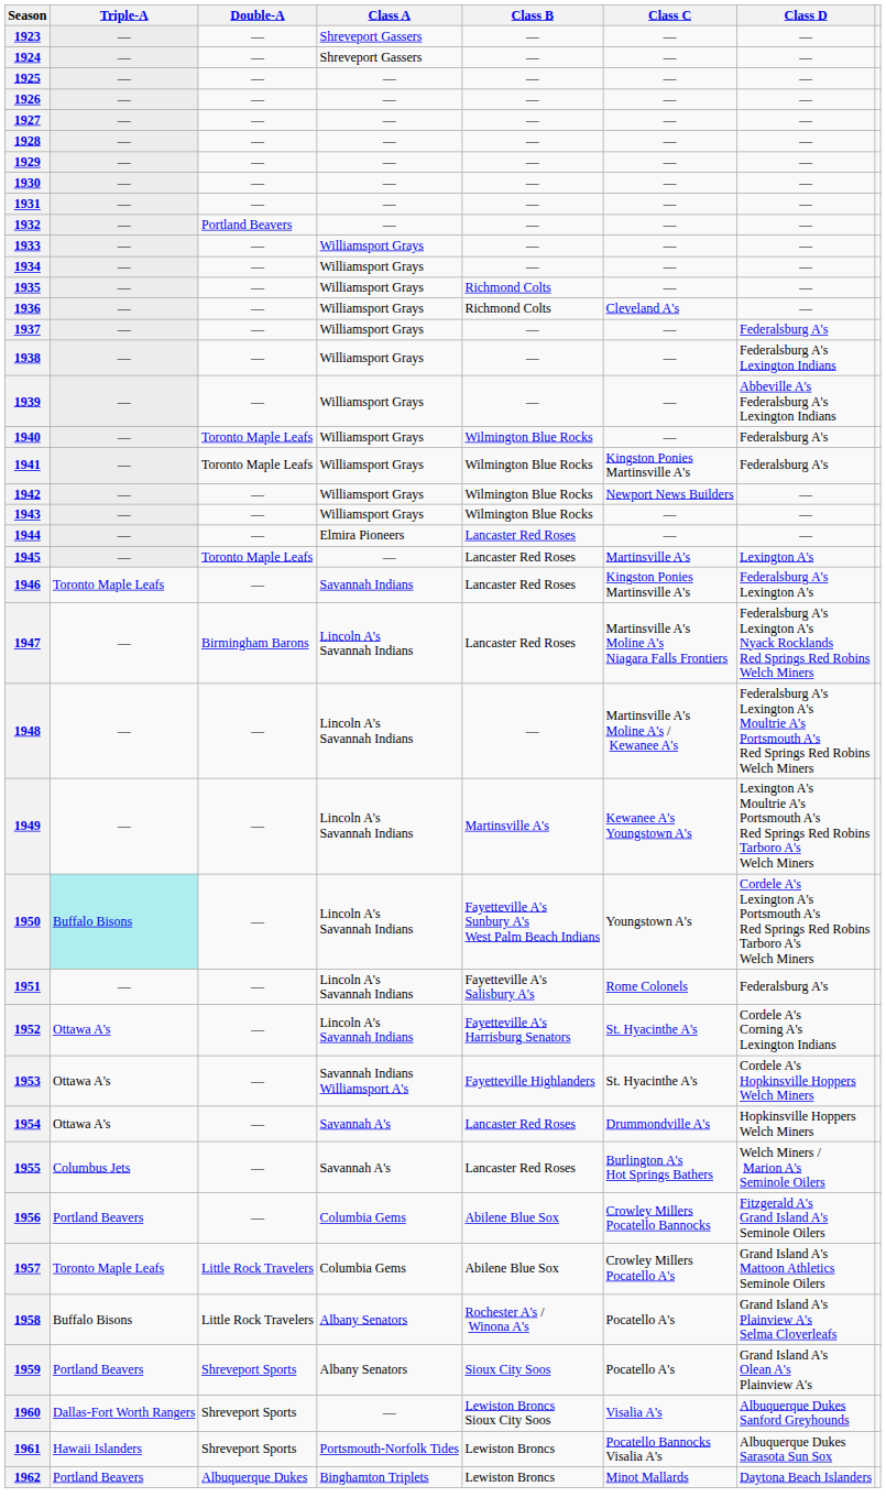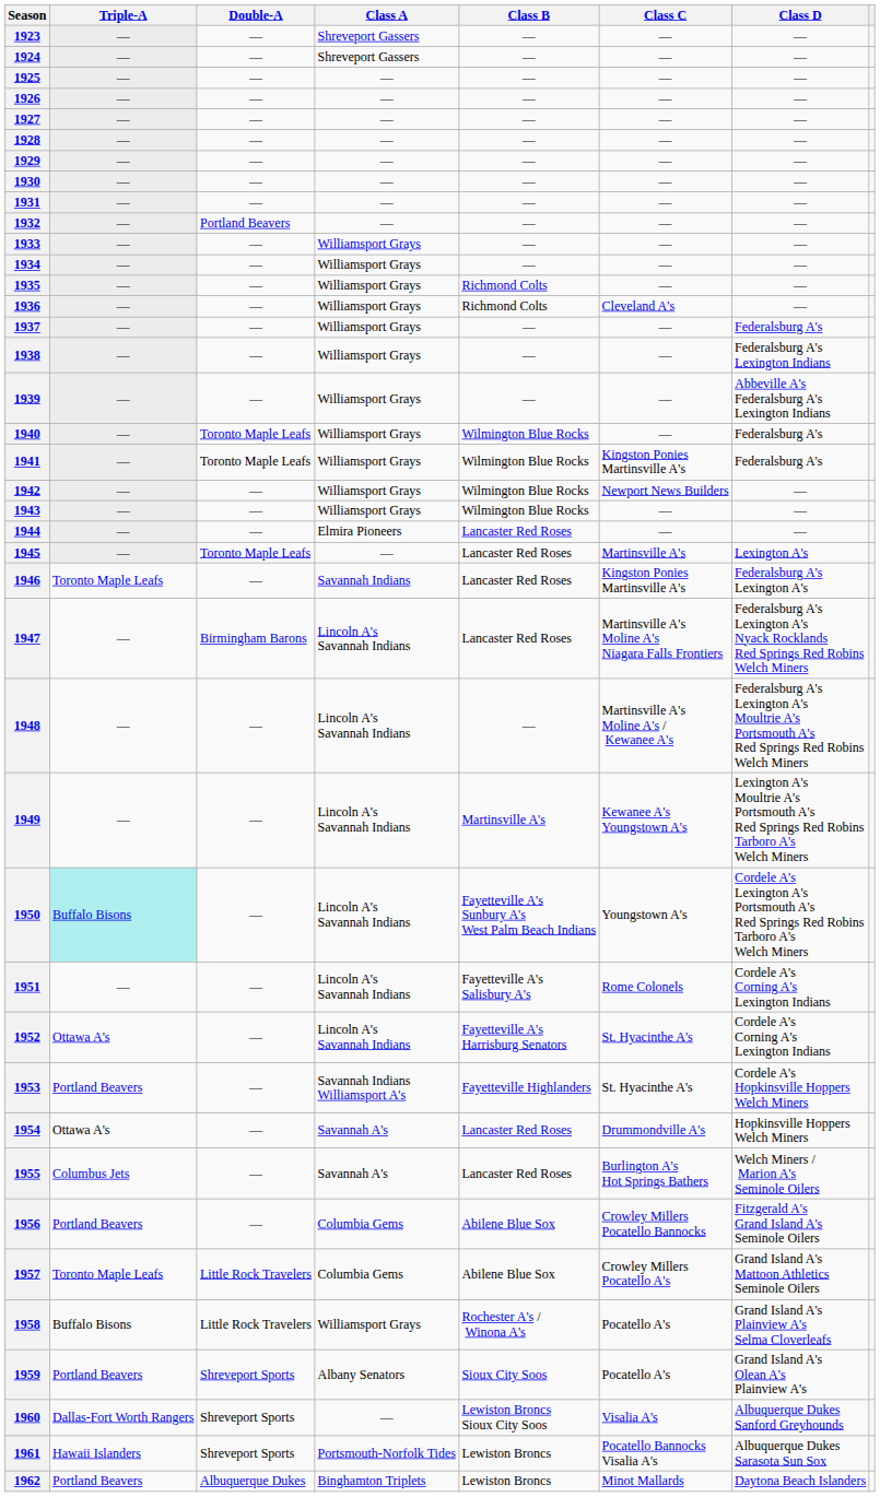 <table class="wikitable plainrowheaders">
 <tr>
 <th scope="col">Season</th>
 <th scope="col"><a href='#'><span>Triple-A</span></a></th>
 <th scope="col"><a href='#'><span>Double-A</span></a></th>
 <th scope="col"><a href='#'><span>Class A</span></a></th>
 <th scope="col"><a href='#'><span>Class B</span></a></th>
 <th scope="col"><a href='#'><span>Class C</span></a></th>
 <th scope="col"><a href='#'><span>Class D</span></a></th>
 <th scope="col"></th>
 </tr>
 <tr>
 <th scope="row" style="text-align:center"><a href='#'>1923</a></th>
 <td style="background:#ececec" align="center">—</td>
 <td align="center">—</td>
 <td><a href='#'>Shreveport Gassers</a></td>
 <td align="center">—</td>
 <td align="center">—</td>
 <td align="center">—</td>
 <td align="center"></td>
 </tr>
 <tr>
 <th scope="row" style="text-align:center"><a href='#'>1924</a></th>
 <td style="background:#ececec" align="center">—</td>
 <td align="center">—</td>
 <td>Shreveport Gassers</td>
 <td align="center">—</td>
 <td align="center">—</td>
 <td align="center">—</td>
 <td align="center"></td>
 </tr>
 <tr>
 <th scope="row" style="text-align:center"><a href='#'>1925</a></th>
 <td style="background:#ececec" align="center">—</td>
 <td align="center">—</td>
 <td align="center">—</td>
 <td align="center">—</td>
 <td align="center">—</td>
 <td align="center">—</td>
 <td align="center"></td>
 </tr>
 <tr>
 <th scope="row" style="text-align:center"><a href='#'>1926</a></th>
 <td style="background:#ececec" align="center">—</td>
 <td align="center">—</td>
 <td align="center">—</td>
 <td align="center">—</td>
 <td align="center">—</td>
 <td align="center">—</td>
 <td align="center"></td>
 </tr>
 <tr>
 <th scope="row" style="text-align:center"><a href='#'>1927</a></th>
 <td style="background:#ececec" align="center">—</td>
 <td align="center">—</td>
 <td align="center">—</td>
 <td align="center">—</td>
 <td align="center">—</td>
 <td align="center">—</td>
 <td align="center"></td>
 </tr>
 <tr>
 <th scope="row" style="text-align:center"><a href='#'>1928</a></th>
 <td style="background:#ececec" align="center">—</td>
 <td align="center">—</td>
 <td align="center">—</td>
 <td align="center">—</td>
 <td align="center">—</td>
 <td align="center">—</td>
 <td align="center"></td>
 </tr>
 <tr>
 <th scope="row" style="text-align:center"><a href='#'>1929</a></th>
 <td style="background:#ececec" align="center">—</td>
 <td align="center">—</td>
 <td align="center">—</td>
 <td align="center">—</td>
 <td align="center">—</td>
 <td align="center">—</td>
 <td align="center"></td>
 </tr>
 <tr>
 <th scope="row" style="text-align:center"><a href='#'>1930</a></th>
 <td style="background:#ececec" align="center">—</td>
 <td align="center">—</td>
 <td align="center">—</td>
 <td align="center">—</td>
 <td align="center">—</td>
 <td align="center">—</td>
 <td align="center"></td>
 </tr>
 <tr>
 <th scope="row" style="text-align:center"><a href='#'>1931</a></th>
 <td style="background:#ececec" align="center">—</td>
 <td align="center">—</td>
 <td align="center">—</td>
 <td align="center">—</td>
 <td align="center">—</td>
 <td align="center">—</td>
 <td align="center"></td>
 </tr>
 <tr>
 <th scope="row" style="text-align:center"><a href='#'>1932</a></th>
 <td style="background:#ececec" align="center">—</td>
 <td><a href='#'>Portland Beavers</a></td>
 <td align="center">—</td>
 <td align="center">—</td>
 <td align="center">—</td>
 <td align="center">—</td>
 <td align="center"></td>
 </tr>
 <tr>
 <th scope="row" style="text-align:center"><a href='#'>1933</a></th>
 <td style="background:#ececec" align="center">—</td>
 <td align="center">—</td>
 <td><a href='#'>Williamsport Grays</a></td>
 <td align="center">—</td>
 <td align="center">—</td>
 <td align="center">—</td>
 <td align="center"></td>
 </tr>
 <tr>
 <th scope="row" style="text-align:center"><a href='#'>1934</a></th>
 <td style="background:#ececec" align="center">—</td>
 <td align="center">—</td>
 <td>Williamsport Grays</td>
 <td align="center">—</td>
 <td align="center">—</td>
 <td align="center">—</td>
 <td align="center"></td>
 </tr>
 <tr>
 <th scope="row" style="text-align:center"><a href='#'>1935</a></th>
 <td style="background:#ececec" align="center">—</td>
 <td align="center">—</td>
 <td>Williamsport Grays</td>
 <td><a href='#'>Richmond Colts</a></td>
 <td align="center">—</td>
 <td align="center">—</td>
 <td align="center"></td>
 </tr>
 <tr>
 <th scope="row" style="text-align:center"><a href='#'>1936</a></th>
 <td style="background:#ececec" align="center">—</td>
 <td align="center">—</td>
 <td>Williamsport Grays</td>
 <td>Richmond Colts</td>
 <td><a href='#'>Cleveland A's</a></td>
 <td align="center">—</td>
 <td align="center"></td>
 </tr>
 <tr>
 <th scope="row" style="text-align:center"><a href='#'>1937</a></th>
 <td style="background:#ececec" align="center">—</td>
 <td align="center">—</td>
 <td>Williamsport Grays</td>
 <td align="center">—</td>
 <td align="center">—</td>
 <td><a href='#'>Federalsburg A's</a></td>
 <td align="center"></td>
 </tr>
 <tr>
 <th scope="row" style="text-align:center"><a href='#'>1938</a></th>
 <td style="background:#ececec" align="center">—</td>
 <td align="center">—</td>
 <td>Williamsport Grays</td>
 <td align="center">—</td>
 <td align="center">—</td>
 <td>Federalsburg A's<br><a href='#'>Lexington Indians</a></td>
 <td align="center"></td>
 </tr>
 <tr>
 <th scope="row" style="text-align:center"><a href='#'>1939</a></th>
 <td style="background:#ececec" align="center">—</td>
 <td align="center">—</td>
 <td>Williamsport Grays</td>
 <td align="center">—</td>
 <td align="center">—</td>
 <td><a href='#'>Abbeville A's</a><br>Federalsburg A's<br>Lexington Indians</td>
 <td align="center"></td>
 </tr>
 <tr>
 <th scope="row" style="text-align:center"><a href='#'>1940</a></th>
 <td style="background:#ececec" align="center">—</td>
 <td><a href='#'>Toronto Maple Leafs</a></td>
 <td>Williamsport Grays</td>
 <td><a href='#'>Wilmington Blue Rocks</a></td>
 <td align="center">—</td>
 <td>Federalsburg A's</td>
 <td align="center"></td>
 </tr>
 <tr>
 <th scope="row" style="text-align:center"><a href='#'>1941</a></th>
 <td style="background:#ececec" align="center">—</td>
 <td>Toronto Maple Leafs</td>
 <td>Williamsport Grays</td>
 <td>Wilmington Blue Rocks</td>
 <td><a href='#'>Kingston Ponies</a><br>Martinsville A's</td>
 <td>Federalsburg A's</td>
 <td align="center"></td>
 </tr>
 <tr>
 <th scope="row" style="text-align:center"><a href='#'>1942</a></th>
 <td style="background:#ececec" align="center">—</td>
 <td align="center">—</td>
 <td>Williamsport Grays</td>
 <td>Wilmington Blue Rocks</td>
 <td><a href='#'>Newport News Builders</a></td>
 <td align="center">—</td>
 <td align="center"></td>
 </tr>
 <tr>
 <th scope="row" style="text-align:center"><a href='#'>1943</a></th>
 <td style="background:#ececec" align="center">—</td>
 <td align="center">—</td>
 <td>Williamsport Grays</td>
 <td>Wilmington Blue Rocks</td>
 <td align="center">—</td>
 <td align="center">—</td>
 <td align="center"></td>
 </tr>
 <tr>
 <th scope="row" style="text-align:center"><a href='#'>1944</a></th>
 <td style="background:#ececec" align="center">—</td>
 <td align="center">—</td>
 <td>Elmira Pioneers</td>
 <td><a href='#'>Lancaster Red Roses</a></td>
 <td align="center">—</td>
 <td align="center">—</td>
 <td align="center"></td>
 </tr>
 <tr>
 <th scope="row" style="text-align:center"><a href='#'>1945</a></th>
 <td style="background:#ececec" align="center">—</td>
 <td><a href='#'>Toronto Maple Leafs</a></td>
 <td align="center">—</td>
 <td>Lancaster Red Roses</td>
 <td><a href='#'>Martinsville A's</a></td>
 <td><a href='#'>Lexington A's</a></td>
 <td align="center"></td>
 </tr>
 <tr>
 <th scope="row" style="text-align:center"><a href='#'>1946</a></th>
 <td><a href='#'>Toronto Maple Leafs</a></td>
 <td align="center">—</td>
 <td><a href='#'>Savannah Indians</a></td>
 <td>Lancaster Red Roses</td>
 <td><a href='#'>Kingston Ponies</a><br>Martinsville A's</td>
 <td><a href='#'>Federalsburg A's</a><br>Lexington A's</td>
 <td align="center"></td>
 </tr>
 <tr>
 <th scope="row" style="text-align:center"><a href='#'>1947</a></th>
 <td align="center">—</td>
 <td><a href='#'>Birmingham Barons</a></td>
 <td><a href='#'>Lincoln A's</a><br>Savannah Indians</td>
 <td>Lancaster Red Roses</td>
 <td>Martinsville A's<br><a href='#'>Moline A's</a><br><a href='#'>Niagara Falls Frontiers</a></td>
 <td>Federalsburg A's<br>Lexington A's<br><a href='#'>Nyack Rocklands</a><br><a href='#'>Red Springs Red Robins</a><br><a href='#'>Welch Miners</a></td>
 <td align="center"></td>
 </tr>
 <tr>
 <th scope="row" style="text-align:center"><a href='#'>1948</a></th>
 <td align="center">—</td>
 <td align="center">—</td>
 <td>Lincoln A's<br>Savannah Indians</td>
 <td align="center">—</td>
 <td>Martinsville A's<br><a href='#'>Moline A's</a> /<br> <a href='#'>Kewanee A's</a></td>
 <td>Federalsburg A's<br>Lexington A's<br><a href='#'>Moultrie A's</a><br><a href='#'>Portsmouth A's</a><br>Red Springs Red Robins<br>Welch Miners</td>
 <td align="center"></td>
 </tr>
 <tr>
 <th scope="row" style="text-align:center"><a href='#'>1949</a></th>
 <td align="center">—</td>
 <td align="center">—</td>
 <td>Lincoln A's<br>Savannah Indians</td>
 <td><a href='#'>Martinsville A's</a></td>
 <td><a href='#'>Kewanee A's</a><br><a href='#'>Youngstown A's</a></td>
 <td>Lexington A's<br>Moultrie A's<br>Portsmouth A's<br>Red Springs Red Robins<br><a href='#'>Tarboro A's</a><br>Welch Miners</td>
 <td align="center"></td>
 </tr>
 <tr>
 <th scope="row" style="text-align:center"><a href='#'>1950</a></th>
 <td style="background: paleturquoise;"><a href='#'>Buffalo Bisons</a></td>
 <td align="center">—</td>
 <td>Lincoln A's<br>Savannah Indians</td>
 <td><a href='#'>Fayetteville A's</a><br><a href='#'>Sunbury A's</a><br><a href='#'>West Palm Beach Indians</a></td>
 <td>Youngstown A's</td>
 <td><a href='#'>Cordele A's</a><br>Lexington A's<br>Portsmouth A's<br>Red Springs Red Robins<br>Tarboro A's<br>Welch Miners</td>
 <td align="center"></td>
 </tr>
 <tr>
 <th scope="row" style="text-align:center"><a href='#'>1951</a></th>
 <td align="center">—</td>
 <td align="center">—</td>
 <td>Lincoln A's<br>Savannah Indians</td>
 <td>Fayetteville A's<br><a href='#'>Salisbury A's</a></td>
 <td><a href='#'>Rome Colonels</a></td>
-<td>Federalsburg A's</td>
+<td>Cordele A's<br><a href='#'>Corning A's</a><br>Lexington Indians</td>
 <td align="center"></td>
 </tr>
 <tr>
 <th scope="row" style="text-align:center"><a href='#'>1952</a></th>
 <td><a href='#'>Ottawa A's</a></td>
 <td align="center">—</td>
 <td>Lincoln A's<br><a href='#'>Savannah Indians</a></td>
 <td><a href='#'>Fayetteville A's</a><br><a href='#'>Harrisburg Senators</a></td>
 <td><a href='#'>St. Hyacinthe A's</a></td>
 <td>Cordele A's<br>Corning A's<br>Lexington Indians</td>
 <td align="center"></td>
 </tr>
 <tr>
 <th scope="row" style="text-align:center"><a href='#'>1953</a></th>
-<td>Ottawa A's</td>
+<td><a href='#'>Portland Beavers</a></td>
 <td align="center">—</td>
 <td>Savannah Indians<br><a href='#'>Williamsport A's</a></td>
 <td><a href='#'>Fayetteville Highlanders</a></td>
 <td>St. Hyacinthe A's</td>
 <td>Cordele A's<br><a href='#'>Hopkinsville Hoppers</a><br><a href='#'>Welch Miners</a></td>
 <td align="center"></td>
 </tr>
 <tr>
 <th scope="row" style="text-align:center"><a href='#'>1954</a></th>
 <td>Ottawa A's</td>
 <td align="center">—</td>
 <td><a href='#'>Savannah A's</a></td>
 <td><a href='#'>Lancaster Red Roses</a></td>
 <td><a href='#'>Drummondville A's</a></td>
 <td>Hopkinsville Hoppers<br>Welch Miners</td>
 <td align="center"></td>
 </tr>
 <tr>
 <th scope="row" style="text-align:center"><a href='#'>1955</a></th>
 <td><a href='#'>Columbus Jets</a></td>
 <td align="center">—</td>
 <td>Savannah A's</td>
 <td>Lancaster Red Roses</td>
 <td><a href='#'>Burlington A's</a><br><a href='#'>Hot Springs Bathers</a></td>
 <td>Welch Miners /<br> <a href='#'>Marion A's</a><br><a href='#'>Seminole Oilers</a></td>
 <td align="center"></td>
 </tr>
 <tr>
 <th scope="row" style="text-align:center"><a href='#'>1956</a></th>
 <td><a href='#'>Portland Beavers</a></td>
 <td align="center">—</td>
 <td><a href='#'>Columbia Gems</a></td>
 <td><a href='#'>Abilene Blue Sox</a></td>
 <td><a href='#'>Crowley Millers</a><br><a href='#'>Pocatello Bannocks</a></td>
 <td><a href='#'>Fitzgerald A's</a><br><a href='#'>Grand Island A's</a><br>Seminole Oilers</td>
 <td align="center"></td>
 </tr>
 <tr>
 <th scope="row" style="text-align:center"><a href='#'>1957</a></th>
 <td><a href='#'>Toronto Maple Leafs</a></td>
 <td><a href='#'>Little Rock Travelers</a></td>
 <td>Columbia Gems</td>
 <td>Abilene Blue Sox</td>
 <td>Crowley Millers<br><a href='#'>Pocatello A's</a></td>
 <td>Grand Island A's<br><a href='#'>Mattoon Athletics</a><br>Seminole Oilers</td>
 <td align="center"></td>
 </tr>
 <tr>
 <th scope="row" style="text-align:center"><a href='#'>1958</a></th>
 <td>Buffalo Bisons</td>
 <td>Little Rock Travelers</td>
-<td><a href='#'>Albany Senators</a></td>
+<td>Williamsport Grays</td>
 <td><a href='#'>Rochester A's</a> /<br> <a href='#'>Winona A's</a></td>
 <td>Pocatello A's</td>
 <td>Grand Island A's<br><a href='#'>Plainview A's</a><br><a href='#'>Selma Cloverleafs</a></td>
 <td align="center"></td>
 </tr>
 <tr>
 <th scope="row" style="text-align:center"><a href='#'>1959</a></th>
 <td><a href='#'>Portland Beavers</a></td>
 <td><a href='#'>Shreveport Sports</a></td>
 <td>Albany Senators</td>
 <td><a href='#'>Sioux City Soos</a></td>
 <td>Pocatello A's</td>
 <td>Grand Island A's<br><a href='#'>Olean A's</a><br>Plainview A's</td>
 <td align="center"></td>
 </tr>
 <tr>
 <th scope="row" style="text-align:center"><a href='#'>1960</a></th>
 <td><a href='#'>Dallas-Fort Worth Rangers</a></td>
 <td>Shreveport Sports</td>
 <td align="center">—</td>
 <td><a href='#'>Lewiston Broncs</a><br>Sioux City Soos</td>
 <td><a href='#'>Visalia A's</a></td>
 <td><a href='#'>Albuquerque Dukes</a><br><a href='#'>Sanford Greyhounds</a></td>
 <td align="center"></td>
 </tr>
 <tr>
 <th scope="row" style="text-align:center"><a href='#'>1961</a></th>
 <td><a href='#'>Hawaii Islanders</a></td>
 <td>Shreveport Sports</td>
 <td><a href='#'>Portsmouth-Norfolk Tides</a></td>
 <td>Lewiston Broncs</td>
 <td><a href='#'>Pocatello Bannocks</a><br>Visalia A's</td>
 <td>Albuquerque Dukes<br><a href='#'>Sarasota Sun Sox</a></td>
 <td align="center"></td>
 </tr>
 <tr>
 <th scope="row" style="text-align:center"><a href='#'>1962</a></th>
 <td><a href='#'>Portland Beavers</a></td>
 <td><a href='#'>Albuquerque Dukes</a></td>
 <td><a href='#'>Binghamton Triplets</a></td>
 <td>Lewiston Broncs</td>
 <td><a href='#'>Minot Mallards</a></td>
 <td><a href='#'>Daytona Beach Islanders</a></td>
 <td align="center"></td>
 </tr>
 </table>
